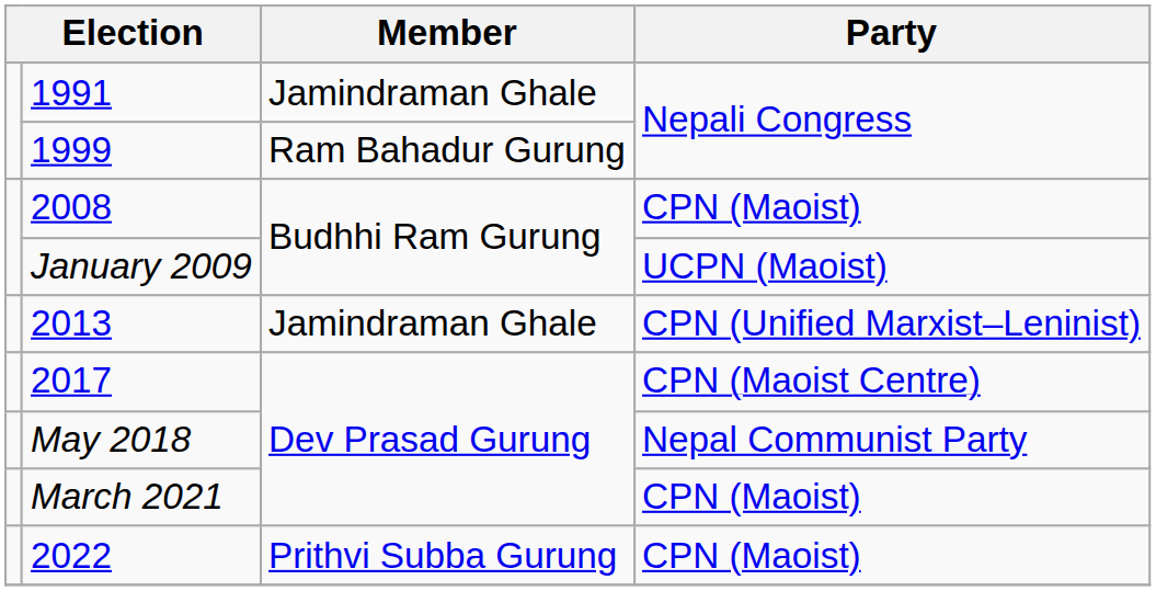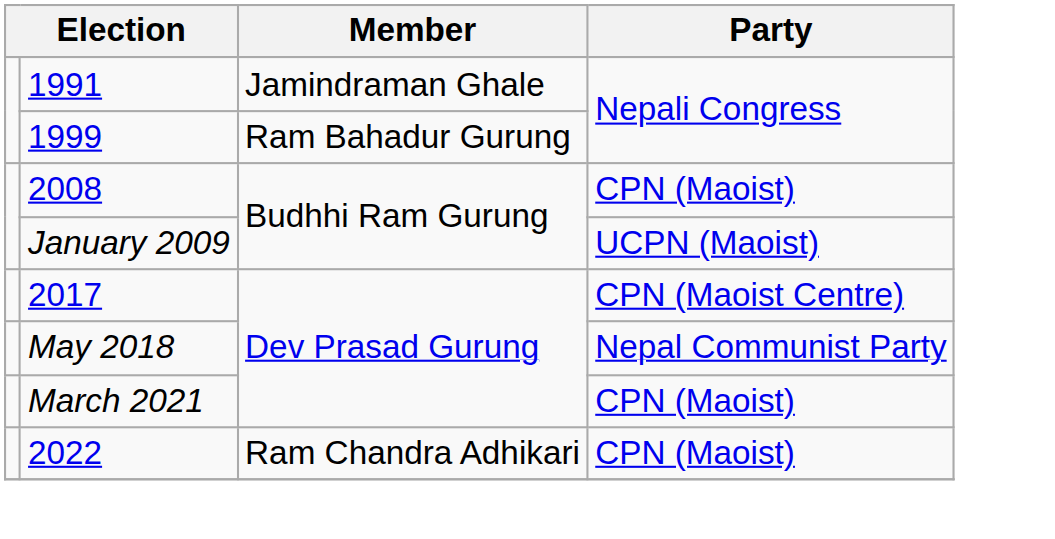 <table class="wikitable">
 <tr>
 <th colspan="2">Election</th>
 <th>Member</th>
 <th>Party</th>
 </tr>
 <tr>
 <td rowspan="2" style="background-color:"></td>
 <td><a href='#'>1991</a></td>
 <td>Jamindraman Ghale</td>
 <td rowspan="2"><a href='#'>Nepali Congress</a></td>
 </tr>
 <tr>
 <td><a href='#'>1999</a></td>
 <td>Ram Bahadur Gurung</td>
 </tr>
 <tr>
 <td rowspan="2" style="background-color:"></td>
 <td><a href='#'>2008</a></td>
 <td rowspan="2">Budhhi Ram Gurung</td>
 <td><a href='#'>CPN (Maoist)</a></td>
 </tr>
 <tr>
 <td><em>January 2009</em></td>
 <td><a href='#'>UCPN (Maoist)</a></td>
 </tr>
 <tr>
 <td style="background-color:"></td>
-<td><a href='#'>2013</a></td>
-<td>Jamindraman Ghale</td>
-<td><a href='#'>CPN (Unified Marxist–Leninist)</a></td>
-</tr>
-<tr>
-<td style="background-color:"></td>
 <td><a href='#'>2017</a></td>
 <td rowspan="3"><a href='#'>Dev Prasad Gurung</a></td>
 <td><a href='#'>CPN (Maoist Centre)</a></td>
 </tr>
 <tr>
 <td style="background-color:"></td>
 <td><em>May 2018</em></td>
 <td><a href='#'>Nepal Communist Party</a></td>
 </tr>
 <tr>
 <td></td>
 <td><em>March 2021</em></td>
 <td><a href='#'>CPN (Maoist)</a></td>
 </tr>
 <tr>
 <td style="background-color:"></td>
 <td><a href='#'>2022</a></td>
-<td><a href='#'>Prithvi Subba Gurung</a></td>
+<td>Ram Chandra Adhikari</td>
 <td><a href='#'>CPN (Maoist)</a></td>
 </tr>
 <tr>
 </tr>
 </table>
